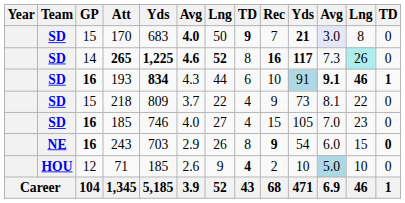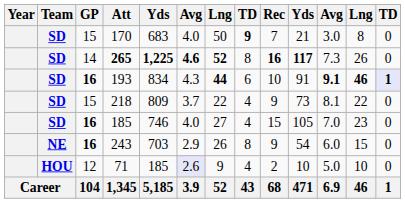 <table class="wikitable" style="text-align: center;">
 <tr>
 <th>Year</th>
 <th>Team</th>
 <th>GP</th>
 <th>Att</th>
 <th>Yds</th>
 <th>Avg</th>
 <th>Lng</th>
 <th>TD</th>
 <th>Rec</th>
 <th>Yds</th>
 <th>Avg</th>
 <th>Lng</th>
 <th>TD</th>
 </tr>
 <tr>
 <th></th>
 <th><a href='#'>SD</a></th>
 <td>15</td>
 <td>170</td>
 <td>683</td>
-<td><strong>4.0</strong></td>
+<td>4.0</td>
 <td>50</td>
 <td><strong>9</strong></td>
 <td>7</td>
-<td><strong>21</strong></td>
-<td style="background: lavender;">3.0</td>
+<td>21</td>
+<td>3.0</td>
 <td>8</td>
 <td>0</td>
 </tr>
 <tr>
 <th></th>
 <th><a href='#'>SD</a></th>
 <td>14</td>
 <td><strong>265</strong></td>
 <td><strong>1,225</strong></td>
 <td><strong>4.6</strong></td>
 <td><strong>52</strong></td>
 <td>8</td>
 <td><strong>16</strong></td>
 <td><strong>117</strong></td>
 <td>7.3</td>
-<td style="background: paleturquoise;">26</td>
+<td>26</td>
 <td>0</td>
 </tr>
 <tr>
 <th></th>
 <th><a href='#'>SD</a></th>
 <td><strong>16</strong></td>
 <td>193</td>
-<td><strong>834</strong></td>
+<td>834</td>
 <td>4.3</td>
-<td>44</td>
+<td><strong>44</strong></td>
 <td>6</td>
 <td>10</td>
-<td style="background: lightblue;">91</td>
+<td>91</td>
 <td><strong>9.1</strong></td>
 <td><strong>46</strong></td>
-<td><strong>1</strong></td>
+<td style="background: lavender;"><strong>1</strong></td>
 </tr>
 <tr>
 <th></th>
 <th><a href='#'>SD</a></th>
 <td>15</td>
 <td>218</td>
 <td>809</td>
 <td>3.7</td>
 <td>22</td>
 <td>4</td>
 <td>9</td>
 <td>73</td>
 <td>8.1</td>
 <td>22</td>
 <td>0</td>
 </tr>
 <tr>
 <th></th>
 <th><a href='#'>SD</a></th>
 <td><strong>16</strong></td>
 <td>185</td>
 <td>746</td>
 <td>4.0</td>
 <td>27</td>
 <td>4</td>
 <td>15</td>
 <td>105</td>
 <td>7.0</td>
 <td>23</td>
 <td>0</td>
 </tr>
 <tr>
 <th></th>
 <th><a href='#'>NE</a></th>
 <td><strong>16</strong></td>
 <td>243</td>
 <td>703</td>
 <td>2.9</td>
 <td>26</td>
 <td>8</td>
-<td><strong>9</strong></td>
+<td>9</td>
 <td>54</td>
 <td>6.0</td>
 <td>15</td>
-<td><strong>0</strong></td>
+<td>0</td>
 </tr>
 <tr>
 <th></th>
 <th><a href='#'>HOU</a></th>
 <td>12</td>
 <td>71</td>
 <td>185</td>
-<td>2.6</td>
+<td style="background: lavender;">2.6</td>
 <td>9</td>
-<td><strong>4</strong></td>
+<td>4</td>
 <td>2</td>
 <td>10</td>
-<td style="background: lightblue;">5.0</td>
+<td>5.0</td>
 <td>10</td>
 <td>0</td>
 </tr>
 <tr>
 <th colspan="2">Career</th>
 <th>104</th>
 <th>1,345</th>
 <th>5,185</th>
 <th>3.9</th>
 <th>52</th>
 <th>43</th>
 <th>68</th>
 <th>471</th>
 <th>6.9</th>
 <th>46</th>
 <th>1</th>
 </tr>
 </table>
